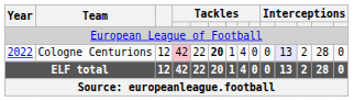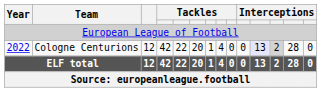 <table class="wikitable" style="text-align: center;">
 <tr>
 <th rowspan="2">Year</th>
 <th rowspan="2">Team</th>
 <th rowspan="2"></th>
 <th colspan="6">Tackles</th>
 <th colspan="5">Interceptions</th>
 </tr>
 <tr>
 <th></th>
 <th></th>
 <th></th>
 <th></th>
 <th></th>
 <th></th>
 <th></th>
 <th></th>
 <th></th>
 <th></th>
 <th></th>
 </tr>
 <tr>
 <td colspan="15" style="background-color:#D1D1D1"><a href='#'>European League of Football</a> </td>
 </tr>
 <tr>
 <td><a href='#'>2022</a></td>
 <td>Cologne Centurions</td>
 <td>12</td>
-<td style="background: pink;">42</td>
+<td>42</td>
 <td>22</td>
-<td><strong>20</strong></td>
+<td>20</td>
 <td>1</td>
 <td>4</td>
 <td>0</td>
 <td>0</td>
 <td style="background: lavender;">13</td>
-<td>2</td>
+<td style="background: lightgrey;">2</td>
 <td>28</td>
 <td>0</td>
 </tr>
 <tr style="background:#555555; font-weight:bold; color:white;">
 <td colspan="2">ELF total</td>
 <td>12</td>
 <td>42</td>
 <td>22</td>
 <td>20</td>
 <td>1</td>
 <td>4</td>
 <td>0</td>
 <td>0</td>
 <td>13</td>
 <td>2</td>
 <td>28</td>
 <td>0</td>
 </tr>
 <tr>
 <th colspan="15">Source: europeanleague.football</th>
 </tr>
 </table>
